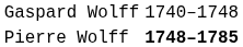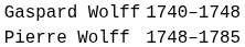 <table>
 <tr>
 <td>Gaspard Wolff</td>
 <td>1740–1748</td>
 </tr>
 <tr>
 <td>Pierre Wolff</td>
-<td><strong>1748–1785</strong></td>
+<td>1748–1785</td>
 </tr>
 </table>
